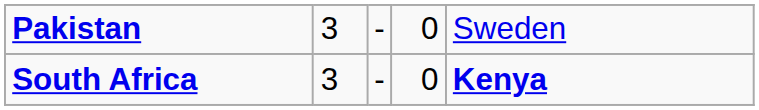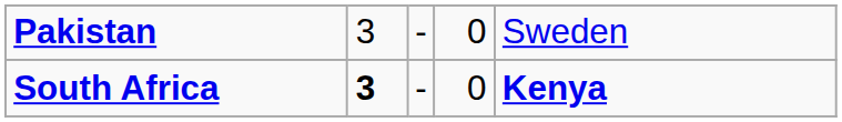 <table class="wikitable">
 <tr>
 <td width=150> <strong><a href='#'>Pakistan</a></strong></td>
 <td style="width:20px; text-align:left;">3</td>
 <td>-</td>
 <td style="width:20px; text-align:right;">0</td>
 <td width=150> <a href='#'>Sweden</a></td>
 </tr>
 <tr>
 <td> <strong><a href='#'>South Africa</a></strong></td>
-<td style="text-align:left;">3</td>
+<td style="text-align:left;"><strong>3</strong></td>
 <td>-</td>
 <td style="text-align:right;">0</td>
 <td><strong> <a href='#'>Kenya</a></strong></td>
 </tr>
 </table>
